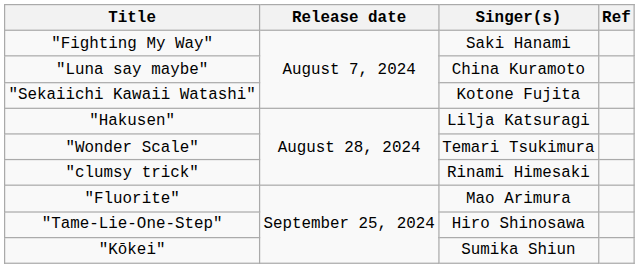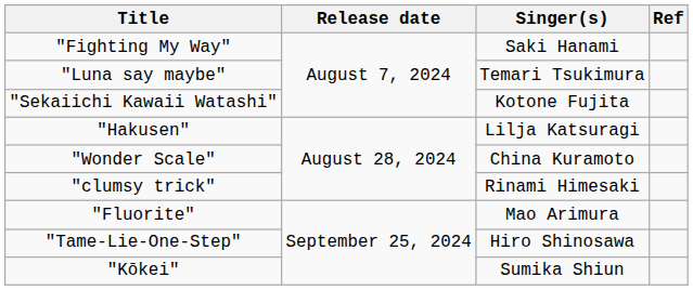 <table class="wikitable plainrowheaders" style="text-align:center;">
 <tr>
 <th scope="col">Title</th>
 <th scope="col">Release date</th>
 <th scope="col">Singer(s)</th>
 <th scope="col">Ref</th>
 </tr>
 <tr>
 <td>"Fighting My Way"</td>
 <td rowspan="3">August 7, 2024</td>
 <td>Saki Hanami</td>
 <td></td>
 </tr>
 <tr>
 <td>"Luna say maybe"</td>
-<td>China Kuramoto</td>
+<td>Temari Tsukimura</td>
 <td></td>
 </tr>
 <tr>
 <td>"Sekaiichi Kawaii Watashi"</td>
 <td>Kotone Fujita</td>
 <td></td>
 </tr>
 <tr>
 <td>"Hakusen"</td>
 <td rowspan="3">August 28, 2024</td>
 <td>Lilja Katsuragi</td>
 <td></td>
 </tr>
 <tr>
 <td>"Wonder Scale"</td>
-<td>Temari Tsukimura</td>
+<td>China Kuramoto</td>
 <td></td>
 </tr>
 <tr>
 <td>"clumsy trick"</td>
 <td>Rinami Himesaki</td>
 <td></td>
 </tr>
 <tr>
 <td>"Fluorite"</td>
 <td rowspan="3">September 25, 2024</td>
 <td>Mao Arimura</td>
 <td></td>
 </tr>
 <tr>
 <td>"Tame-Lie-One-Step"</td>
 <td>Hiro Shinosawa</td>
 <td></td>
 </tr>
 <tr>
 <td>"Kōkei"</td>
 <td>Sumika Shiun</td>
 <td></td>
 </tr>
 </table>
